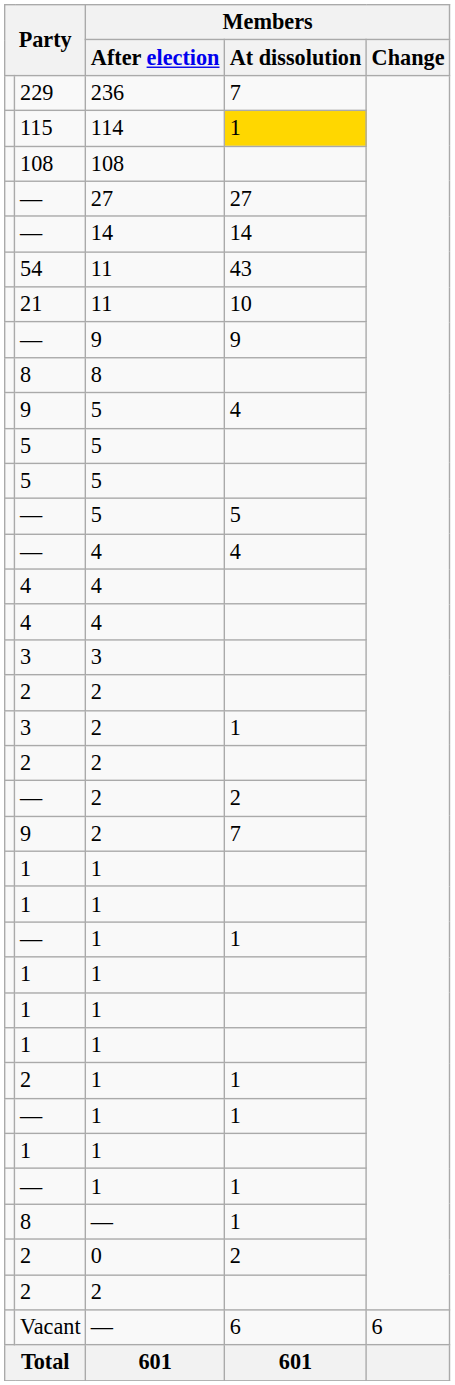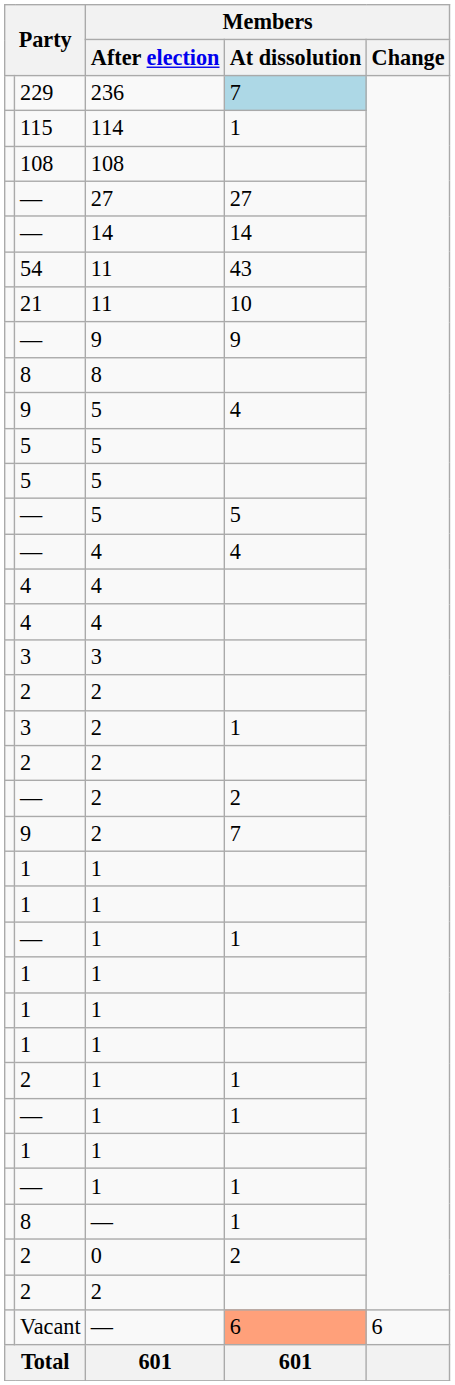 <table class="wikitable">
 <tr>
 <th colspan="2" rowspan="2">Party</th>
 <th colspan="3">Members</th>
 </tr>
 <tr>
 <th>After <a href='#'>election</a></th>
 <th>At dissolution</th>
 <th>Change</th>
 </tr>
 <tr>
 <td></td>
 <td>229</td>
 <td>236</td>
-<td> 7</td>
+<td style="background: lightblue;"> 7</td>
 </tr>
 <tr>
 <td></td>
 <td>115</td>
 <td>114</td>
-<td style="background: gold;"> 1</td>
+<td> 1</td>
 </tr>
 <tr>
 <td></td>
 <td>108</td>
 <td>108</td>
 <td></td>
 </tr>
 <tr>
 <td></td>
 <td>—</td>
 <td>27</td>
 <td> 27</td>
 </tr>
 <tr>
 <td></td>
 <td>—</td>
 <td>14</td>
 <td> 14</td>
 </tr>
 <tr>
 <td></td>
 <td>54</td>
 <td>11</td>
 <td> 43</td>
 </tr>
 <tr>
 <td></td>
 <td>21</td>
 <td>11</td>
 <td> 10</td>
 </tr>
 <tr>
 <td></td>
 <td>—</td>
 <td>9</td>
 <td> 9</td>
 </tr>
 <tr>
 <td></td>
 <td>8</td>
 <td>8</td>
 <td></td>
 </tr>
 <tr>
 <td></td>
 <td>9</td>
 <td>5</td>
 <td> 4</td>
 </tr>
 <tr>
 <td></td>
 <td>5</td>
 <td>5</td>
 <td></td>
 </tr>
 <tr>
 <td></td>
 <td>5</td>
 <td>5</td>
 <td></td>
 </tr>
 <tr>
 <td></td>
 <td>—</td>
 <td>5</td>
 <td> 5</td>
 </tr>
 <tr>
 <td></td>
 <td>—</td>
 <td>4</td>
 <td> 4</td>
 </tr>
 <tr>
 <td></td>
 <td>4</td>
 <td>4</td>
 <td></td>
 </tr>
 <tr>
 <td></td>
 <td>4</td>
 <td>4</td>
 <td></td>
 </tr>
 <tr>
 <td></td>
 <td>3</td>
 <td>3</td>
 <td></td>
 </tr>
 <tr>
 <td></td>
 <td>2</td>
 <td>2</td>
 <td></td>
 </tr>
 <tr>
 <td></td>
 <td>3</td>
 <td>2</td>
 <td> 1</td>
 </tr>
 <tr>
 <td></td>
 <td>2</td>
 <td>2</td>
 <td></td>
 </tr>
 <tr>
 <td></td>
 <td>—</td>
 <td>2</td>
 <td> 2</td>
 </tr>
 <tr>
 <td></td>
 <td>9</td>
 <td>2</td>
 <td> 7</td>
 </tr>
 <tr>
 <td></td>
 <td>1</td>
 <td>1</td>
 <td></td>
 </tr>
 <tr>
 <td></td>
 <td>1</td>
 <td>1</td>
 <td></td>
 </tr>
 <tr>
 <td></td>
 <td>—</td>
 <td>1</td>
 <td> 1</td>
 </tr>
 <tr>
 <td></td>
 <td>1</td>
 <td>1</td>
 <td></td>
 </tr>
 <tr>
 <td></td>
 <td>1</td>
 <td>1</td>
 <td></td>
 </tr>
 <tr>
 <td></td>
 <td>1</td>
 <td>1</td>
 <td></td>
 </tr>
 <tr>
 <td></td>
 <td>2</td>
 <td>1</td>
 <td> 1</td>
 </tr>
 <tr>
 <td></td>
 <td>—</td>
 <td>1</td>
 <td> 1</td>
 </tr>
 <tr>
 <td></td>
 <td>1</td>
 <td>1</td>
 <td></td>
 </tr>
 <tr>
 <td></td>
 <td>—</td>
 <td>1</td>
 <td> 1</td>
 </tr>
 <tr>
 <td></td>
 <td>8</td>
 <td>—</td>
 <td> 1</td>
 </tr>
 <tr>
 <td></td>
 <td>2</td>
 <td>0</td>
 <td> 2</td>
 </tr>
 <tr>
 <td></td>
 <td>2</td>
 <td>2</td>
 <td></td>
 </tr>
 <tr>
 <td></td>
 <td>Vacant</td>
 <td>—</td>
-<td>6</td>
+<td style="background: lightsalmon;">6</td>
 <td> 6</td>
 </tr>
 <tr>
 <th colspan="2">Total</th>
 <th>601</th>
 <th>601</th>
 <th></th>
 </tr>
 </table>
